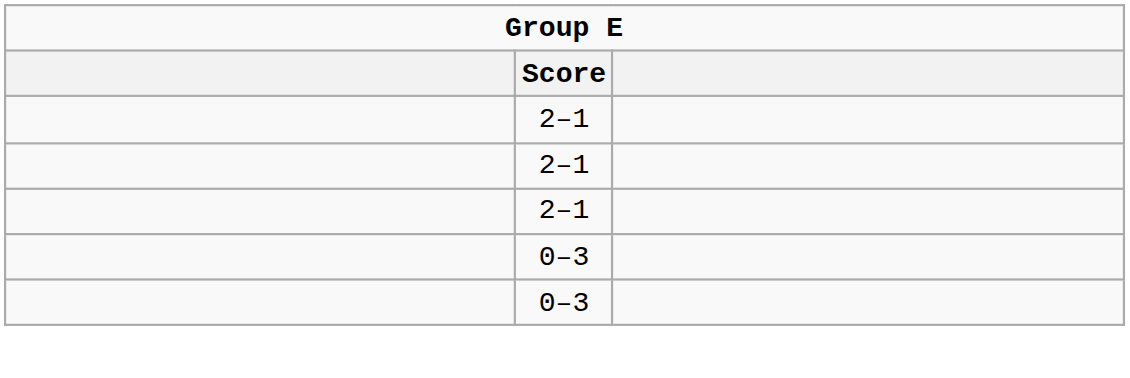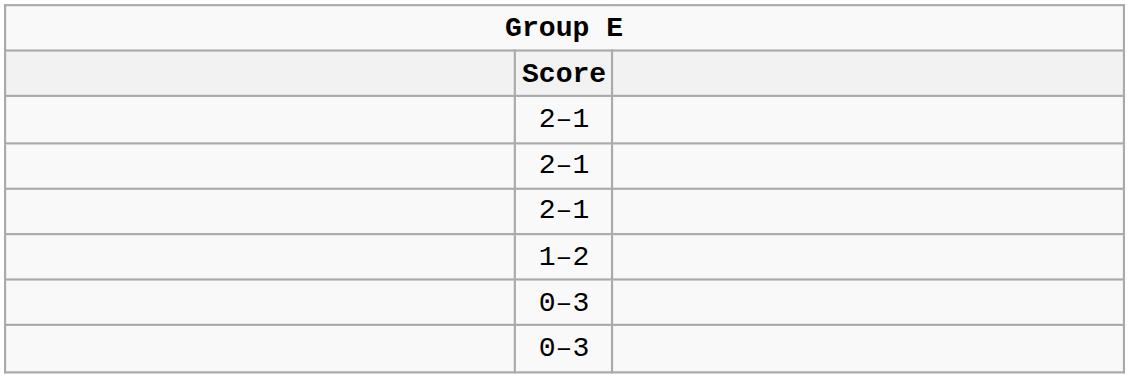 <table class="wikitable" style="text-align: center; display: inline-table;">
 <tr>
 <td colspan="3"><strong>Group E</strong></td>
 </tr>
 <tr>
 <th scope="col" style="width: 230px;"></th>
 <th scope="col" style="width: 30px;">Score</th>
 <th scope="col" style="width: 230px;"></th>
 </tr>
 <tr>
 <td></td>
 <td>2–1</td>
 <td></td>
 </tr>
 <tr>
 <td></td>
 <td>2–1</td>
 <td></td>
 </tr>
 <tr>
 <td></td>
 <td>2–1</td>
 <td></td>
 </tr>
 <tr>
 <td></td>
+<td>1–2</td>
+<td></td>
+</tr>
+<tr>
+<td></td>
 <td>0–3</td>
 <td></td>
 </tr>
 <tr>
 <td></td>
 <td>0–3</td>
 <td></td>
 </tr>
 </table>
